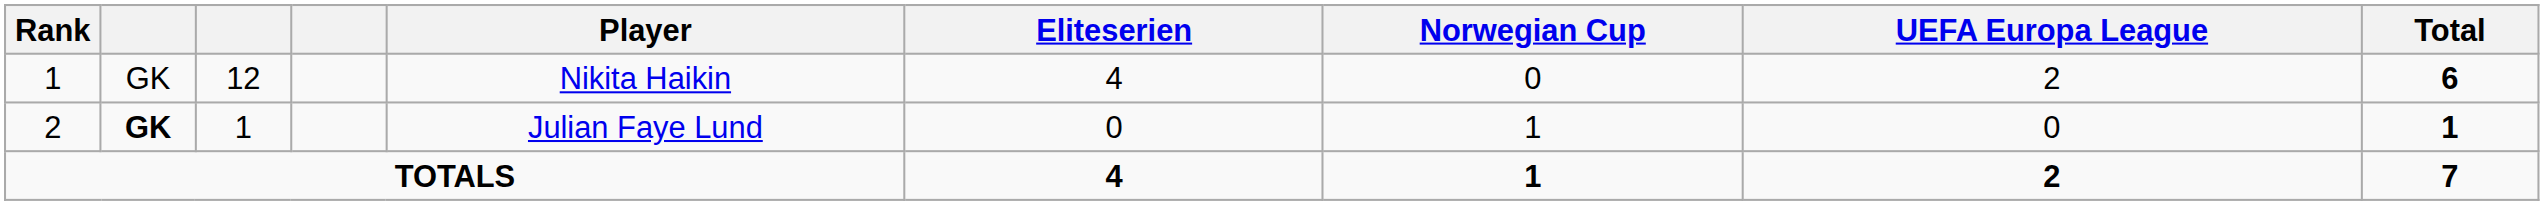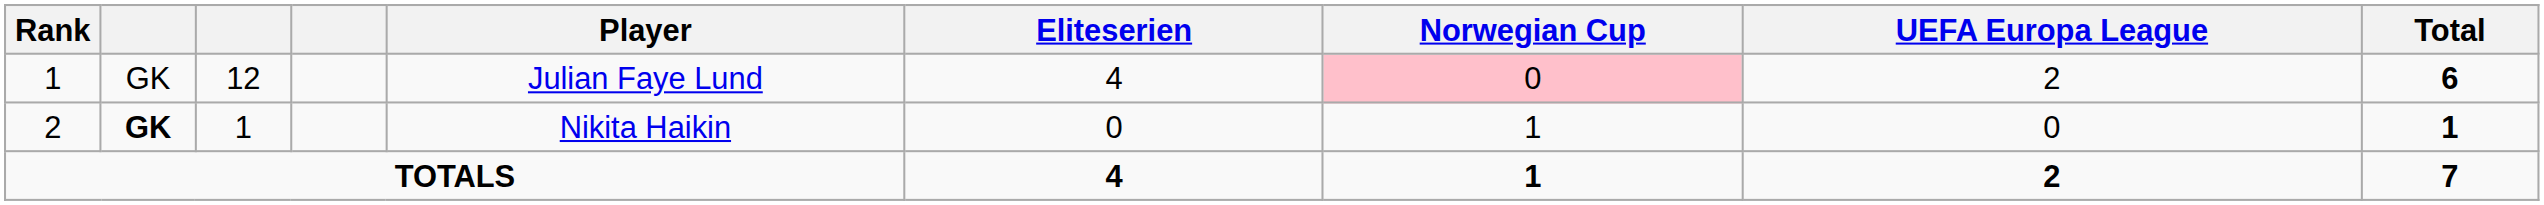 <table class="wikitable" style="font-size: 95%; text-align: center;">
 <tr>
 <th width=40>Rank</th>
 <th width=40></th>
 <th width=40></th>
 <th width=40></th>
 <th width=250>Player</th>
 <th width=200><a href='#'>Eliteserien</a></th>
 <th width=200><a href='#'>Norwegian Cup</a></th>
 <th width=300><a href='#'>UEFA Europa League</a></th>
 <th width=80><strong>Total</strong></th>
 </tr>
 <tr>
 <td>1</td>
 <td>GK</td>
 <td>12</td>
 <td></td>
-<td><a href='#'>Nikita Haikin</a></td>
+<td><a href='#'>Julian Faye Lund</a></td>
 <td>4</td>
-<td>0</td>
+<td style="background: pink;">0</td>
 <td>2</td>
 <td><strong>6</strong></td>
 </tr>
 <tr>
 <td>2</td>
 <td><strong>GK</strong></td>
 <td>1</td>
 <td></td>
-<td><a href='#'>Julian Faye Lund</a></td>
+<td><a href='#'>Nikita Haikin</a></td>
 <td>0</td>
 <td>1</td>
 <td>0</td>
 <td><strong>1</strong></td>
 </tr>
 <tr>
 <td colspan="5"><strong>TOTALS</strong></td>
 <td><strong>4</strong></td>
 <td><strong>1</strong></td>
 <td><strong>2</strong></td>
 <td><strong>7</strong></td>
 </tr>
 </table>
